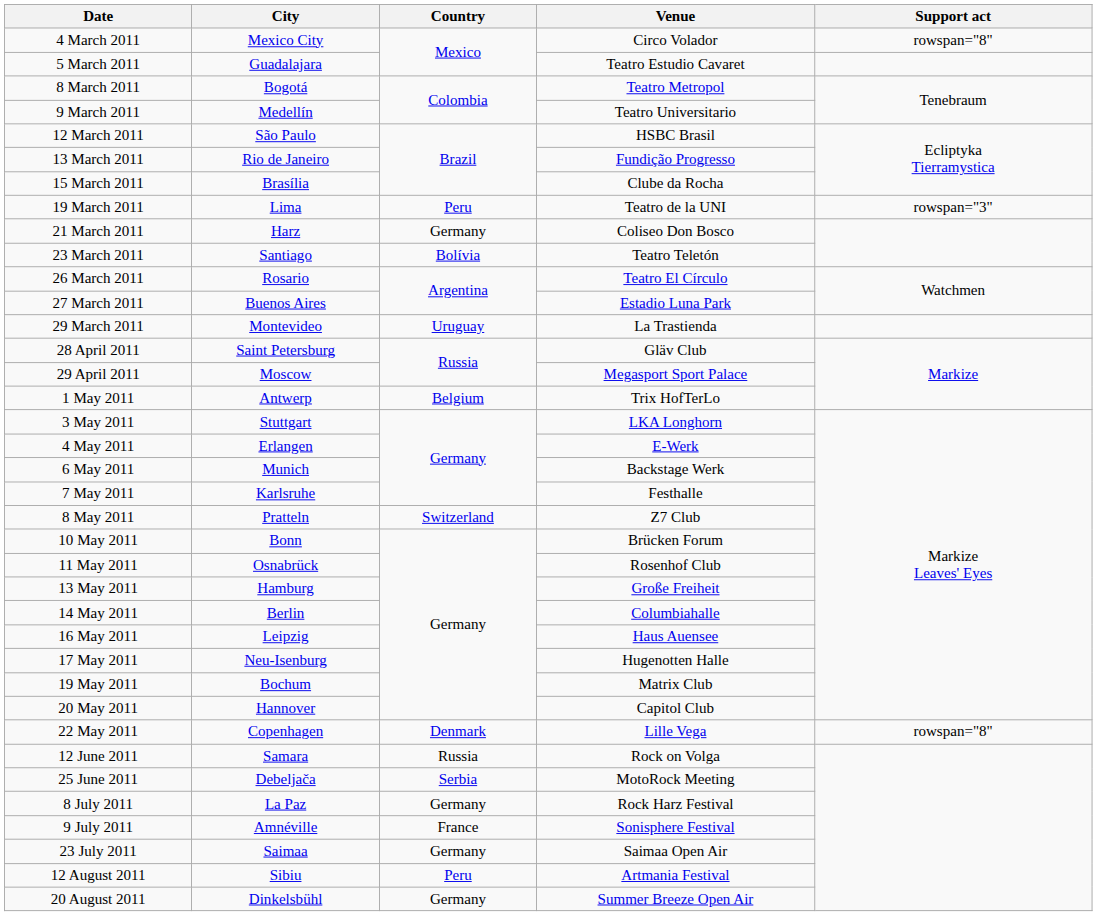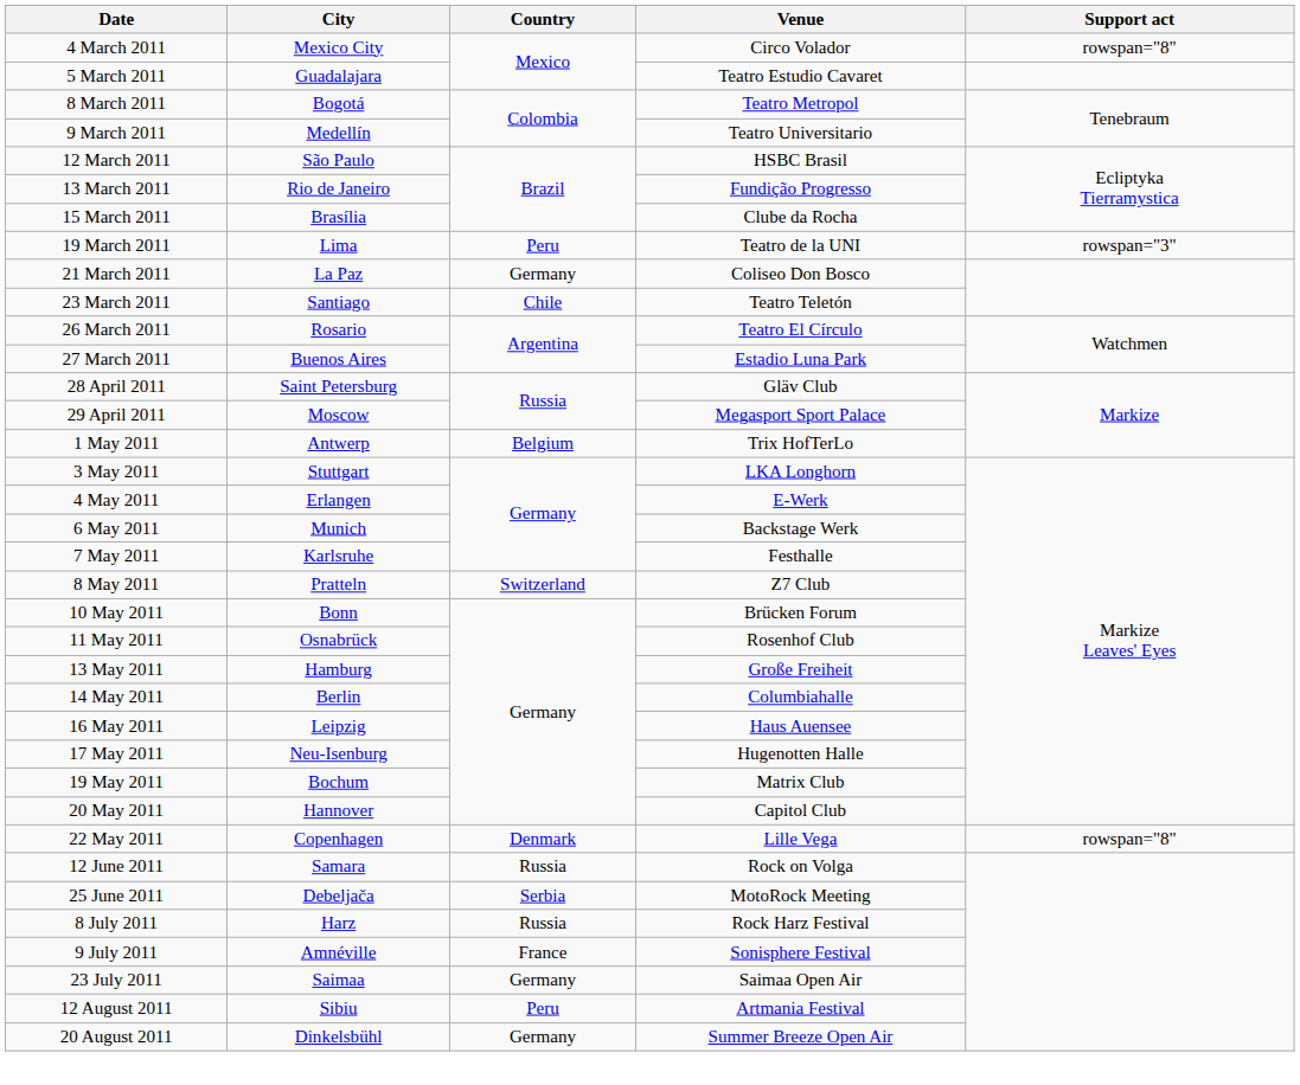 <table class="wikitable plainrowheaders" style="text-align:center;">
 <tr>
 <th scope="col" style="width:12em;">Date</th>
 <th scope="col" style="width:12em;">City</th>
 <th scope="col" style="width:10em;">Country</th>
 <th scope="col" style="width:18em;">Venue</th>
 <th scope="col" style="width:18em;">Support act</th>
 </tr>
 <tr>
 <td style="text-align:center">4 March 2011</td>
 <td style="text-align:center"><a href='#'>Mexico City</a></td>
 <td style="text-align:center" rowspan="2"><a href='#'>Mexico</a></td>
 <td style="text-align:center">Circo Volador</td>
 <td>rowspan="8" </td>
 </tr>
 <tr>
 <td style="text-align:center">5 March 2011</td>
 <td style="text-align:center"><a href='#'>Guadalajara</a></td>
 <td style="text-align:center">Teatro Estudio Cavaret</td>
 </tr>
 <tr>
 <td style="text-align:center">8 March 2011</td>
 <td style="text-align:center"><a href='#'>Bogotá</a></td>
 <td style="text-align:center" rowspan="2"><a href='#'>Colombia</a></td>
 <td style="text-align:center"><a href='#'>Teatro Metropol</a></td>
 <td style="text-align:center" rowspan="2">Tenebraum</td>
 </tr>
 <tr>
 <td style="text-align:center">9 March 2011</td>
 <td style="text-align:center"><a href='#'>Medellín</a></td>
 <td style="text-align:center">Teatro Universitario</td>
 </tr>
 <tr>
 <td style="text-align:center">12 March 2011</td>
 <td style="text-align:center"><a href='#'>São Paulo</a></td>
 <td style="text-align:center" rowspan="3"><a href='#'>Brazil</a></td>
 <td style="text-align:center">HSBC Brasil</td>
 <td style="text-align:center" rowspan="3">Ecliptyka<br> <a href='#'>Tierramystica</a><br></td>
 </tr>
 <tr>
 <td style="text-align:center">13 March 2011</td>
 <td style="text-align:center"><a href='#'>Rio de Janeiro</a></td>
 <td style="text-align:center"><a href='#'>Fundição Progresso</a></td>
 </tr>
 <tr>
 <td style="text-align:center">15 March 2011</td>
 <td style="text-align:center"><a href='#'>Brasília</a></td>
 <td style="text-align:center">Clube da Rocha</td>
 </tr>
 <tr>
 <td style="text-align:center">19 March 2011</td>
 <td style="text-align:center"><a href='#'>Lima</a></td>
 <td style="text-align:center"><a href='#'>Peru</a></td>
 <td style="text-align:center">Teatro de la UNI</td>
 <td>rowspan="3" </td>
 </tr>
 <tr>
 <td style="text-align:center">21 March 2011</td>
-<td style="text-align:center"><a href='#'>Harz</a></td>
+<td style="text-align:center"><a href='#'>La Paz</a></td>
 <td style="text-align:center">Germany</td>
 <td style="text-align:center">Coliseo Don Bosco</td>
 </tr>
 <tr>
 <td style="text-align:center">23 March 2011</td>
 <td style="text-align:center"><a href='#'>Santiago</a></td>
-<td style="text-align:center"><a href='#'>Bolívia</a></td>
+<td style="text-align:center"><a href='#'>Chile</a></td>
 <td style="text-align:center">Teatro Teletón</td>
 </tr>
 <tr>
 <td style="text-align:center">26 March 2011</td>
 <td style="text-align:center"><a href='#'>Rosario</a></td>
 <td style="text-align:center" rowspan="2"><a href='#'>Argentina</a></td>
 <td style="text-align:center"><a href='#'>Teatro El Círculo</a></td>
 <td style="text-align:center" rowspan="2">Watchmen</td>
 </tr>
 <tr>
 <td style="text-align:center">27 March 2011</td>
 <td style="text-align:center"><a href='#'>Buenos Aires</a></td>
 <td style="text-align:center"><a href='#'>Estadio Luna Park</a></td>
-</tr>
-<tr>
-<td style="text-align:center">29 March 2011</td>
-<td style="text-align:center"><a href='#'>Montevideo</a></td>
-<td style="text-align:center"><a href='#'>Uruguay</a></td>
-<td style="text-align:center">La Trastienda</td>
-<td></td>
 </tr>
 <tr>
 <td style="text-align:center">28 April 2011</td>
 <td style="text-align:center"><a href='#'>Saint Petersburg</a></td>
 <td style="text-align:center" rowspan="2"><a href='#'>Russia</a></td>
 <td style="text-align:center">Gläv Club</td>
 <td style="text-align:center" rowspan="3"><a href='#'>Markize</a></td>
 </tr>
 <tr>
 <td style="text-align:center">29 April 2011</td>
 <td style="text-align:center"><a href='#'>Moscow</a></td>
 <td style="text-align:center"><a href='#'>Megasport Sport Palace</a></td>
 </tr>
 <tr>
 <td style="text-align:center">1 May 2011</td>
 <td style="text-align:center"><a href='#'>Antwerp</a></td>
 <td style="text-align:center"><a href='#'>Belgium</a></td>
 <td style="text-align:center">Trix HofTerLo</td>
 </tr>
 <tr>
 <td style="text-align:center">3 May 2011</td>
 <td style="text-align:center"><a href='#'>Stuttgart</a></td>
 <td style="text-align:center" rowspan="4"><a href='#'>Germany</a></td>
 <td style="text-align:center"><a href='#'>LKA Longhorn</a></td>
 <td style="text-align:center" rowspan="13">Markize<br><a href='#'>Leaves' Eyes</a><br></td>
 </tr>
 <tr>
 <td style="text-align:center">4 May 2011</td>
 <td style="text-align:center"><a href='#'>Erlangen</a></td>
 <td style="text-align:center"><a href='#'>E-Werk</a></td>
 </tr>
 <tr>
 <td style="text-align:center">6 May 2011</td>
 <td style="text-align:center"><a href='#'>Munich</a></td>
 <td style="text-align:center">Backstage Werk</td>
 </tr>
 <tr>
 <td style="text-align:center">7 May 2011</td>
 <td style="text-align:center"><a href='#'>Karlsruhe</a></td>
 <td style="text-align:center">Festhalle</td>
 </tr>
 <tr>
 <td style="text-align:center">8 May 2011</td>
 <td style="text-align:center"><a href='#'>Pratteln</a></td>
 <td style="text-align:center"><a href='#'>Switzerland</a></td>
 <td style="text-align:center">Z7 Club</td>
 </tr>
 <tr>
 <td style="text-align:center">10 May 2011</td>
 <td style="text-align:center"><a href='#'>Bonn</a></td>
 <td style="text-align:center" rowspan="8">Germany</td>
 <td style="text-align:center">Brücken Forum</td>
 </tr>
 <tr>
 <td style="text-align:center">11 May 2011</td>
 <td style="text-align:center"><a href='#'>Osnabrück</a></td>
 <td style="text-align:center">Rosenhof Club</td>
 </tr>
 <tr>
 <td style="text-align:center">13 May 2011</td>
 <td style="text-align:center"><a href='#'>Hamburg</a></td>
 <td style="text-align:center"><a href='#'>Große Freiheit</a></td>
 </tr>
 <tr>
 <td style="text-align:center">14 May 2011</td>
 <td style="text-align:center"><a href='#'>Berlin</a></td>
 <td style="text-align:center"><a href='#'>Columbiahalle</a></td>
 </tr>
 <tr>
 <td style="text-align:center">16 May 2011</td>
 <td style="text-align:center"><a href='#'>Leipzig</a></td>
 <td style="text-align:center"><a href='#'>Haus Auensee</a></td>
 </tr>
 <tr>
 <td style="text-align:center">17 May 2011</td>
 <td style="text-align:center"><a href='#'>Neu-Isenburg</a></td>
 <td style="text-align:center">Hugenotten Halle</td>
 </tr>
 <tr>
 <td style="text-align:center">19 May 2011</td>
 <td style="text-align:center"><a href='#'>Bochum</a></td>
 <td style="text-align:center">Matrix Club</td>
 </tr>
 <tr>
 <td style="text-align:center">20 May 2011</td>
 <td style="text-align:center"><a href='#'>Hannover</a></td>
 <td style="text-align:center">Capitol Club</td>
 </tr>
 <tr>
 <td style="text-align:center">22 May 2011</td>
 <td style="text-align:center"><a href='#'>Copenhagen</a></td>
 <td style="text-align:center"><a href='#'>Denmark</a></td>
 <td style="text-align:center"><a href='#'>Lille Vega</a></td>
 <td>rowspan="8" </td>
 </tr>
 <tr>
 <td style="text-align:center">12 June 2011</td>
 <td style="text-align:center"><a href='#'>Samara</a></td>
 <td style="text-align:center">Russia</td>
 <td style="text-align:center">Rock on Volga</td>
 </tr>
 <tr>
 <td style="text-align:center">25 June 2011</td>
 <td style="text-align:center"><a href='#'>Debeljača</a></td>
 <td style="text-align:center"><a href='#'>Serbia</a></td>
 <td style="text-align:center">MotoRock Meeting</td>
 </tr>
 <tr>
 <td style="text-align:center">8 July 2011</td>
-<td style="text-align:center"><a href='#'>La Paz</a></td>
-<td style="text-align:center">Germany</td>
+<td style="text-align:center"><a href='#'>Harz</a></td>
+<td style="text-align:center">Russia</td>
 <td style="text-align:center">Rock Harz Festival</td>
 </tr>
 <tr>
 <td style="text-align:center">9 July 2011</td>
 <td style="text-align:center"><a href='#'>Amnéville</a></td>
 <td style="text-align:center">France</td>
 <td style="text-align:center"><a href='#'>Sonisphere Festival</a></td>
 </tr>
 <tr>
 <td style="text-align:center">23 July 2011</td>
 <td style="text-align:center"><a href='#'>Saimaa</a></td>
 <td style="text-align:center">Germany</td>
 <td style="text-align:center">Saimaa Open Air</td>
 </tr>
 <tr>
 <td style="text-align:center">12 August 2011</td>
 <td style="text-align:center"><a href='#'>Sibiu</a></td>
 <td style="text-align:center"><a href='#'>Peru</a></td>
 <td style="text-align:center"><a href='#'>Artmania Festival</a></td>
 </tr>
 <tr>
 <td style="text-align:center">20 August 2011</td>
 <td style="text-align:center"><a href='#'>Dinkelsbühl</a></td>
 <td style="text-align:center">Germany</td>
 <td style="text-align:center"><a href='#'>Summer Breeze Open Air</a></td>
 </tr>
 </table>
